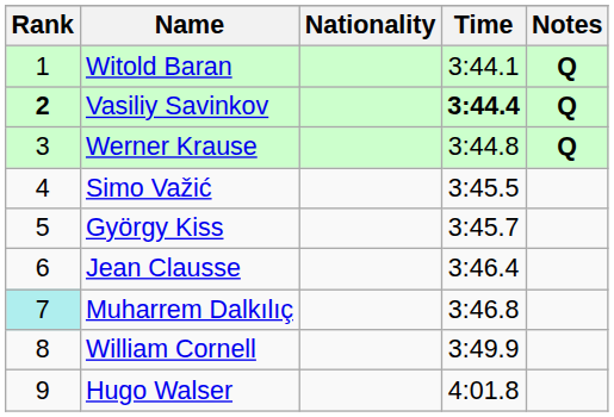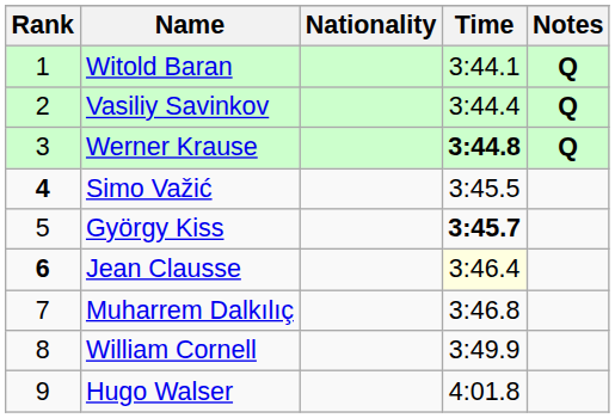 <table class="wikitable sortable" style="text-align:center">
 <tr>
 </tr>
 <tr>
 <th scope=col>Rank</th>
 <th scope=col>Name</th>
 <th scope=col>Nationality</th>
 <th scope=col>Time</th>
 <th scope=col>Notes</th>
 </tr>
 <tr bgcolor=ccffcc>
 <td>1</td>
 <td align=left><a href='#'>Witold Baran</a></td>
 <td align=left></td>
 <td>3:44.1</td>
 <td><strong>Q</strong></td>
 </tr>
 <tr bgcolor=ccffcc>
-<td><strong>2</strong></td>
+<td>2</td>
 <td align=left><a href='#'>Vasiliy Savinkov</a></td>
 <td align=left></td>
-<td><strong>3:44.4</strong></td>
+<td>3:44.4</td>
 <td><strong>Q</strong></td>
 </tr>
 <tr bgcolor=ccffcc>
 <td>3</td>
 <td align=left><a href='#'>Werner Krause</a></td>
 <td align=left></td>
-<td>3:44.8</td>
+<td><strong>3:44.8</strong></td>
 <td><strong>Q</strong></td>
 </tr>
 <tr>
-<td>4</td>
+<td><strong>4</strong></td>
 <td align=left><a href='#'>Simo Važić</a></td>
 <td align=left></td>
 <td>3:45.5</td>
 <td></td>
 </tr>
 <tr>
 <td>5</td>
 <td align=left><a href='#'>György Kiss</a></td>
 <td align=left></td>
-<td>3:45.7</td>
+<td><strong>3:45.7</strong></td>
 <td></td>
 </tr>
 <tr>
-<td>6</td>
+<td><strong>6</strong></td>
 <td align=left><a href='#'>Jean Clausse</a></td>
 <td align=left></td>
-<td>3:46.4</td>
+<td style="background: lightyellow;">3:46.4</td>
 <td></td>
 </tr>
 <tr>
-<td style="background: paleturquoise;">7</td>
+<td>7</td>
 <td align=left><a href='#'>Muharrem Dalkılıç</a></td>
 <td align=left></td>
 <td>3:46.8</td>
 <td></td>
 </tr>
 <tr>
 <td>8</td>
 <td align=left><a href='#'>William Cornell</a></td>
 <td align=left></td>
 <td>3:49.9</td>
 <td></td>
 </tr>
 <tr>
 <td>9</td>
 <td align=left><a href='#'>Hugo Walser</a></td>
 <td align=left></td>
 <td>4:01.8</td>
 <td></td>
 </tr>
 </table>
